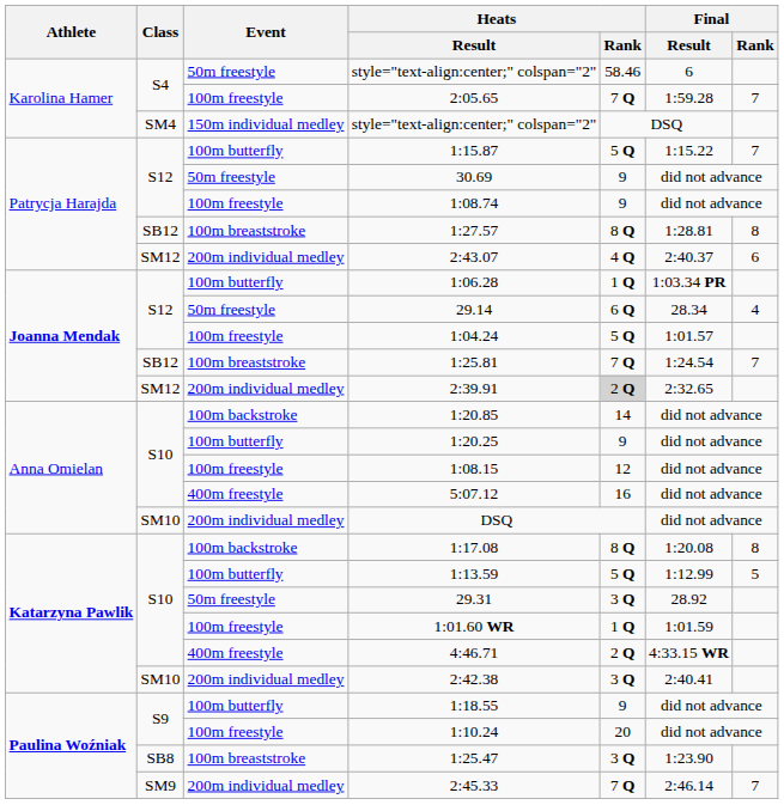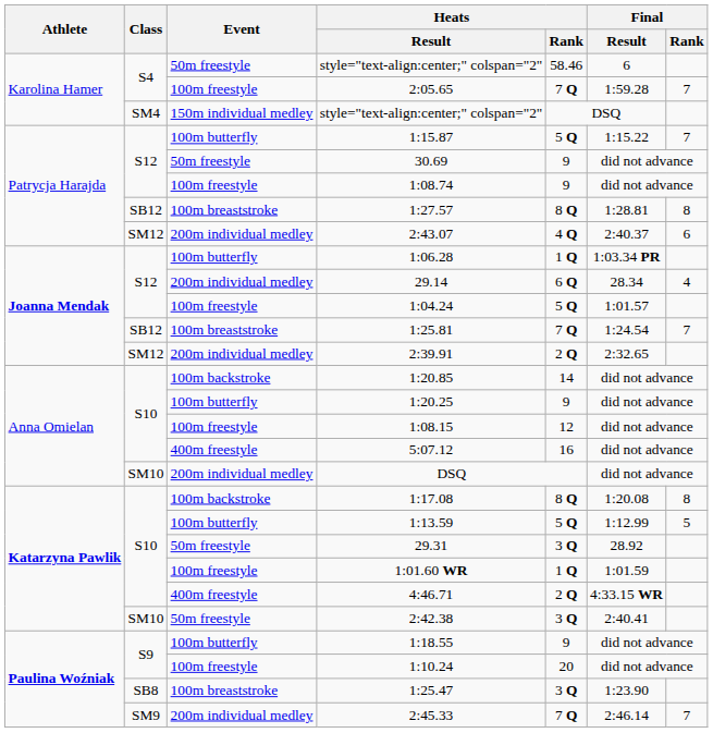 <table class=wikitable style="font-size:90%">
 <tr>
 <th rowspan="2">Athlete</th>
 <th rowspan="2">Class</th>
 <th rowspan="2">Event</th>
 <th colspan="2">Heats</th>
 <th colspan="2">Final</th>
 </tr>
 <tr>
 <th>Result</th>
 <th>Rank</th>
 <th>Result</th>
 <th>Rank</th>
 </tr>
 <tr>
 <td rowspan="3"><a href='#'>Karolina Hamer</a></td>
 <td rowspan="2" style="text-align:center;">S4</td>
 <td><a href='#'>50m freestyle</a></td>
 <td>style="text-align:center;" colspan="2" </td>
 <td style="text-align:center;">58.46</td>
 <td style="text-align:center;">6</td>
 </tr>
 <tr>
 <td><a href='#'>100m freestyle</a></td>
 <td style="text-align:center;">2:05.65</td>
 <td style="text-align:center;">7 <strong>Q</strong></td>
 <td style="text-align:center;">1:59.28</td>
 <td style="text-align:center;">7</td>
 </tr>
 <tr>
 <td style="text-align:center;">SM4</td>
 <td><a href='#'>150m individual medley</a></td>
 <td>style="text-align:center;" colspan="2" </td>
 <td style="text-align:center;" colspan="2">DSQ</td>
 </tr>
 <tr>
 <td rowspan="5"><a href='#'>Patrycja Harajda</a></td>
 <td rowspan="3" style="text-align:center;">S12</td>
 <td><a href='#'>100m butterfly</a></td>
 <td style="text-align:center;">1:15.87</td>
 <td style="text-align:center;">5 <strong>Q</strong></td>
 <td style="text-align:center;">1:15.22</td>
 <td style="text-align:center;">7</td>
 </tr>
 <tr>
 <td><a href='#'>50m freestyle</a></td>
 <td style="text-align:center;">30.69</td>
 <td style="text-align:center;">9</td>
 <td style="text-align:center;" colspan="2">did not advance</td>
 </tr>
 <tr>
 <td><a href='#'>100m freestyle</a></td>
 <td style="text-align:center;">1:08.74</td>
 <td style="text-align:center;">9</td>
 <td style="text-align:center;" colspan="2">did not advance</td>
 </tr>
 <tr>
 <td style="text-align:center;">SB12</td>
 <td><a href='#'>100m breaststroke</a></td>
 <td style="text-align:center;">1:27.57</td>
 <td style="text-align:center;">8 <strong>Q</strong></td>
 <td style="text-align:center;">1:28.81</td>
 <td style="text-align:center;">8</td>
 </tr>
 <tr>
 <td style="text-align:center;">SM12</td>
 <td><a href='#'>200m individual medley</a></td>
 <td style="text-align:center;">2:43.07</td>
 <td style="text-align:center;">4 <strong>Q</strong></td>
 <td style="text-align:center;">2:40.37</td>
 <td style="text-align:center;">6</td>
 </tr>
 <tr>
 <td rowspan="5"><strong><a href='#'>Joanna Mendak</a></strong></td>
 <td rowspan="3" style="text-align:center;">S12</td>
 <td><a href='#'>100m butterfly</a></td>
 <td style="text-align:center;">1:06.28</td>
 <td style="text-align:center;">1 <strong>Q</strong></td>
 <td style="text-align:center;">1:03.34 <strong>PR</strong></td>
 <td style="text-align:center;"></td>
 </tr>
 <tr>
-<td><a href='#'>50m freestyle</a></td>
+<td><a href='#'>200m individual medley</a></td>
 <td style="text-align:center;">29.14</td>
 <td style="text-align:center;">6 <strong>Q</strong></td>
 <td style="text-align:center;">28.34</td>
 <td style="text-align:center;">4</td>
 </tr>
 <tr>
 <td><a href='#'>100m freestyle</a></td>
 <td style="text-align:center;">1:04.24</td>
 <td style="text-align:center;">5 <strong>Q</strong></td>
 <td style="text-align:center;">1:01.57</td>
 <td style="text-align:center;"></td>
 </tr>
 <tr>
 <td style="text-align:center;">SB12</td>
 <td><a href='#'>100m breaststroke</a></td>
 <td style="text-align:center;">1:25.81</td>
 <td style="text-align:center;">7 <strong>Q</strong></td>
 <td style="text-align:center;">1:24.54</td>
 <td style="text-align:center;">7</td>
 </tr>
 <tr>
 <td style="text-align:center;">SM12</td>
 <td><a href='#'>200m individual medley</a></td>
 <td style="text-align:center;">2:39.91</td>
-<td style="background: lightgrey; text-align:center;">2 <strong>Q</strong></td>
+<td style="text-align:center;">2 <strong>Q</strong></td>
 <td style="text-align:center;">2:32.65</td>
 <td style="text-align:center;"></td>
 </tr>
 <tr>
 <td rowspan="5"><a href='#'>Anna Omielan</a></td>
 <td rowspan="4" style="text-align:center;">S10</td>
 <td><a href='#'>100m backstroke</a></td>
 <td style="text-align:center;">1:20.85</td>
 <td style="text-align:center;">14</td>
 <td style="text-align:center;" colspan="2">did not advance</td>
 </tr>
 <tr>
 <td><a href='#'>100m butterfly</a></td>
 <td style="text-align:center;">1:20.25</td>
 <td style="text-align:center;">9</td>
 <td style="text-align:center;" colspan="2">did not advance</td>
 </tr>
 <tr>
 <td><a href='#'>100m freestyle</a></td>
 <td style="text-align:center;">1:08.15</td>
 <td style="text-align:center;">12</td>
 <td style="text-align:center;" colspan="2">did not advance</td>
 </tr>
 <tr>
 <td><a href='#'>400m freestyle</a></td>
 <td style="text-align:center;">5:07.12</td>
 <td style="text-align:center;">16</td>
 <td style="text-align:center;" colspan="2">did not advance</td>
 </tr>
 <tr>
 <td style="text-align:center;">SM10</td>
 <td><a href='#'>200m individual medley</a></td>
 <td style="text-align:center;" colspan="2">DSQ</td>
 <td style="text-align:center;" colspan="2">did not advance</td>
 </tr>
 <tr>
 <td rowspan="6"><strong><a href='#'>Katarzyna Pawlik</a></strong></td>
 <td rowspan="5" style="text-align:center;">S10</td>
 <td><a href='#'>100m backstroke</a></td>
 <td style="text-align:center;">1:17.08</td>
 <td style="text-align:center;">8 <strong>Q</strong></td>
 <td style="text-align:center;">1:20.08</td>
 <td style="text-align:center;">8</td>
 </tr>
 <tr>
 <td><a href='#'>100m butterfly</a></td>
 <td style="text-align:center;">1:13.59</td>
 <td style="text-align:center;">5 <strong>Q</strong></td>
 <td style="text-align:center;">1:12.99</td>
 <td style="text-align:center;">5</td>
 </tr>
 <tr>
 <td><a href='#'>50m freestyle</a></td>
 <td style="text-align:center;">29.31</td>
 <td style="text-align:center;">3 <strong>Q</strong></td>
 <td style="text-align:center;">28.92</td>
 <td style="text-align:center;"></td>
 </tr>
 <tr>
 <td><a href='#'>100m freestyle</a></td>
 <td style="text-align:center;">1:01.60 <strong>WR</strong></td>
 <td style="text-align:center;">1 <strong>Q</strong></td>
 <td style="text-align:center;">1:01.59</td>
 <td style="text-align:center;"></td>
 </tr>
 <tr>
 <td><a href='#'>400m freestyle</a></td>
 <td style="text-align:center;">4:46.71</td>
 <td style="text-align:center;">2 <strong>Q</strong></td>
 <td style="text-align:center;">4:33.15 <strong>WR</strong></td>
 <td style="text-align:center;"></td>
 </tr>
 <tr>
 <td style="text-align:center;">SM10</td>
-<td><a href='#'>200m individual medley</a></td>
+<td><a href='#'>50m freestyle</a></td>
 <td style="text-align:center;">2:42.38</td>
 <td style="text-align:center;">3 <strong>Q</strong></td>
 <td style="text-align:center;">2:40.41</td>
 <td style="text-align:center;"></td>
 </tr>
 <tr>
 <td rowspan="4"><strong><a href='#'>Paulina Woźniak</a></strong></td>
 <td rowspan="2" style="text-align:center;">S9</td>
 <td><a href='#'>100m butterfly</a></td>
 <td style="text-align:center;">1:18.55</td>
 <td style="text-align:center;">9</td>
 <td style="text-align:center;" colspan="2">did not advance</td>
 </tr>
 <tr>
 <td><a href='#'>100m freestyle</a></td>
 <td style="text-align:center;">1:10.24</td>
 <td style="text-align:center;">20</td>
 <td style="text-align:center;" colspan="2">did not advance</td>
 </tr>
 <tr>
 <td style="text-align:center;">SB8</td>
 <td><a href='#'>100m breaststroke</a></td>
 <td style="text-align:center;">1:25.47</td>
 <td style="text-align:center;">3 <strong>Q</strong></td>
 <td style="text-align:center;">1:23.90</td>
 <td style="text-align:center;"></td>
 </tr>
 <tr>
 <td style="text-align:center;">SM9</td>
 <td><a href='#'>200m individual medley</a></td>
 <td style="text-align:center;">2:45.33</td>
 <td style="text-align:center;">7 <strong>Q</strong></td>
 <td style="text-align:center;">2:46.14</td>
 <td style="text-align:center;">7</td>
 </tr>
 </table>
